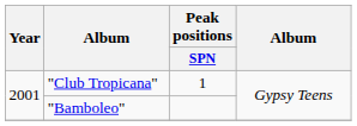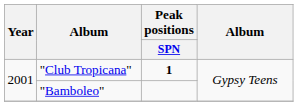 <table class="wikitable">
 <tr>
 <th align="center" rowspan="2" width="10">Year</th>
 <th align="center" rowspan="2" width="120">Album</th>
 <th align="center" colspan="1" width="20">Peak positions</th>
 <th align="center" rowspan="2" width="110">Album</th>
 </tr>
 <tr>
 <th scope="col" style="width:3em;font-size:90%;"><a href='#'>SPN</a></th>
 </tr>
 <tr>
 <td style="text-align:center;" rowspan=2>2001</td>
 <td>"<a href='#'>Club Tropicana</a>"</td>
-<td style="text-align:center;">1</td>
+<td style="text-align:center;"><strong>1</strong></td>
 <td style="text-align:center;" rowspan=2><em>Gypsy Teens</em></td>
 </tr>
 <tr>
 <td>"<a href='#'>Bamboleo</a>"</td>
 <td style="text-align:center;"></td>
 </tr>
 <tr>
 </tr>
 </table>
